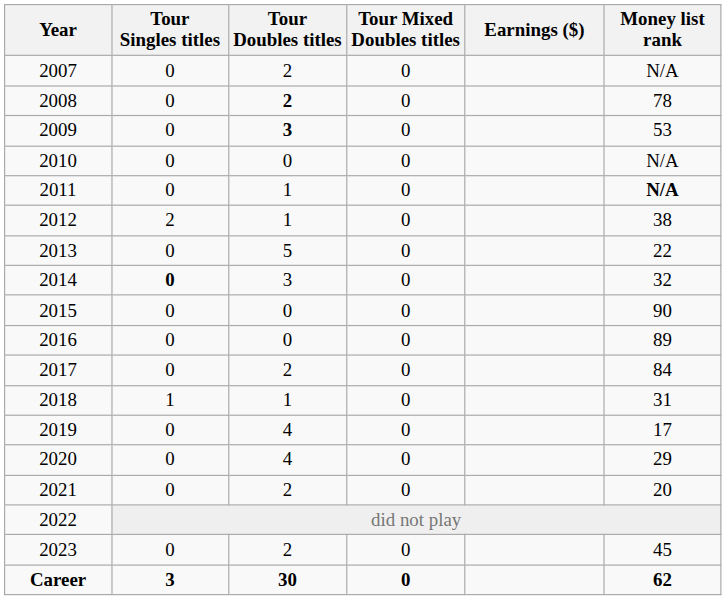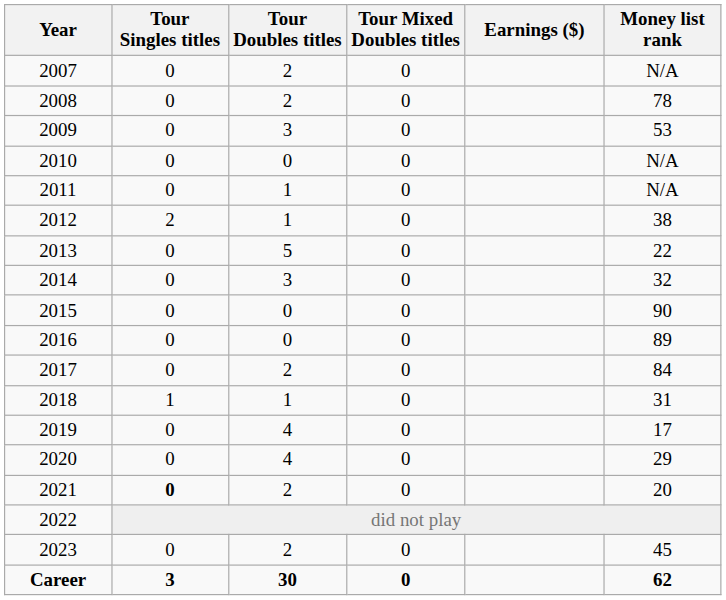 <table class="wikitable" style=text-align:center;">
 <tr>
 <th width="90">Year</th>
 <th width="100">Tour <br>Singles titles</th>
 <th width="100">Tour <br>Doubles titles</th>
 <th width="100">Tour Mixed <br>Doubles titles</th>
 <th width="120">Earnings ($)</th>
 <th width="100">Money list rank</th>
 </tr>
 <tr>
 <td>2007</td>
 <td>0</td>
 <td>2</td>
 <td>0</td>
 <td align="right"></td>
 <td>N/A</td>
 </tr>
 <tr>
 <td>2008</td>
 <td>0</td>
-<td><strong>2</strong></td>
+<td>2</td>
 <td>0</td>
 <td align="right"></td>
 <td>78</td>
 </tr>
 <tr>
 <td>2009</td>
 <td>0</td>
-<td><strong>3</strong></td>
+<td>3</td>
 <td>0</td>
 <td align="right"></td>
 <td>53</td>
 </tr>
 <tr>
 <td>2010</td>
 <td>0</td>
 <td>0</td>
 <td>0</td>
 <td align="right"></td>
 <td>N/A</td>
 </tr>
 <tr>
 <td>2011</td>
 <td>0</td>
 <td>1</td>
 <td>0</td>
 <td align="right"></td>
-<td><strong>N/A</strong></td>
+<td>N/A</td>
 </tr>
 <tr>
 <td>2012</td>
 <td>2</td>
 <td>1</td>
 <td>0</td>
 <td align="right"></td>
 <td>38</td>
 </tr>
 <tr>
 <td>2013</td>
 <td>0</td>
 <td>5</td>
 <td>0</td>
 <td align="right"></td>
 <td>22</td>
 </tr>
 <tr>
 <td>2014</td>
-<td><strong>0</strong></td>
+<td>0</td>
 <td>3</td>
 <td>0</td>
 <td align="right"></td>
 <td>32</td>
 </tr>
 <tr>
 <td>2015</td>
 <td>0</td>
 <td>0</td>
 <td>0</td>
 <td align="right"></td>
 <td>90</td>
 </tr>
 <tr>
 <td>2016</td>
 <td>0</td>
 <td>0</td>
 <td>0</td>
 <td align="right"></td>
 <td>89</td>
 </tr>
 <tr>
 <td>2017</td>
 <td>0</td>
 <td>2</td>
 <td>0</td>
 <td align="right"></td>
 <td>84</td>
 </tr>
 <tr>
 <td>2018</td>
 <td>1</td>
 <td>1</td>
 <td>0</td>
 <td align="right"></td>
 <td>31</td>
 </tr>
 <tr>
 <td>2019</td>
 <td>0</td>
 <td>4</td>
 <td>0</td>
 <td align="right"></td>
 <td>17</td>
 </tr>
 <tr>
 <td>2020</td>
 <td>0</td>
 <td>4</td>
 <td>0</td>
 <td align="right"></td>
 <td>29</td>
 </tr>
 <tr>
 <td>2021</td>
-<td>0</td>
+<td><strong>0</strong></td>
 <td>2</td>
 <td>0</td>
 <td align="right"></td>
 <td>20</td>
 </tr>
 <tr>
 <td>2022</td>
 <td align=center colspan=5 style="color:#767676; background:#efefef">did not play</td>
 </tr>
 <tr>
 <td>2023</td>
 <td>0</td>
 <td>2</td>
 <td>0</td>
 <td align="right"></td>
 <td>45</td>
 </tr>
 <tr style=font-weight:bold>
 <td>Career</td>
 <td>3</td>
 <td>30</td>
 <td>0</td>
 <td align="right"></td>
 <td>62</td>
 </tr>
 </table>
